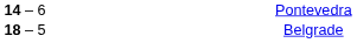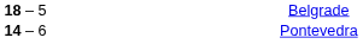 <table style="text-align:center">
 <tr>
 <th width=200></th>
 <th width=100></th>
 <th width=200></th>
 <th width=100></th>
 </tr>
 <tr>
 <td align=right><strong></strong></td>
+<td><strong>18</strong> – 5</td>
+<td align=left></td>
+<td><a href='#'>Belgrade</a></td>
+</tr>
+<tr>
+<td align=right><strong></strong></td>
 <td><strong>14</strong> – 6</td>
 <td align=left></td>
 <td><a href='#'>Pontevedra</a></td>
 </tr>
-<tr>
-<td align=right><strong></strong></td>
-<td><strong>18</strong> – 5</td>
-<td align=left></td>
-<td><a href='#'>Belgrade</a></td>
-</tr>
 </table>
